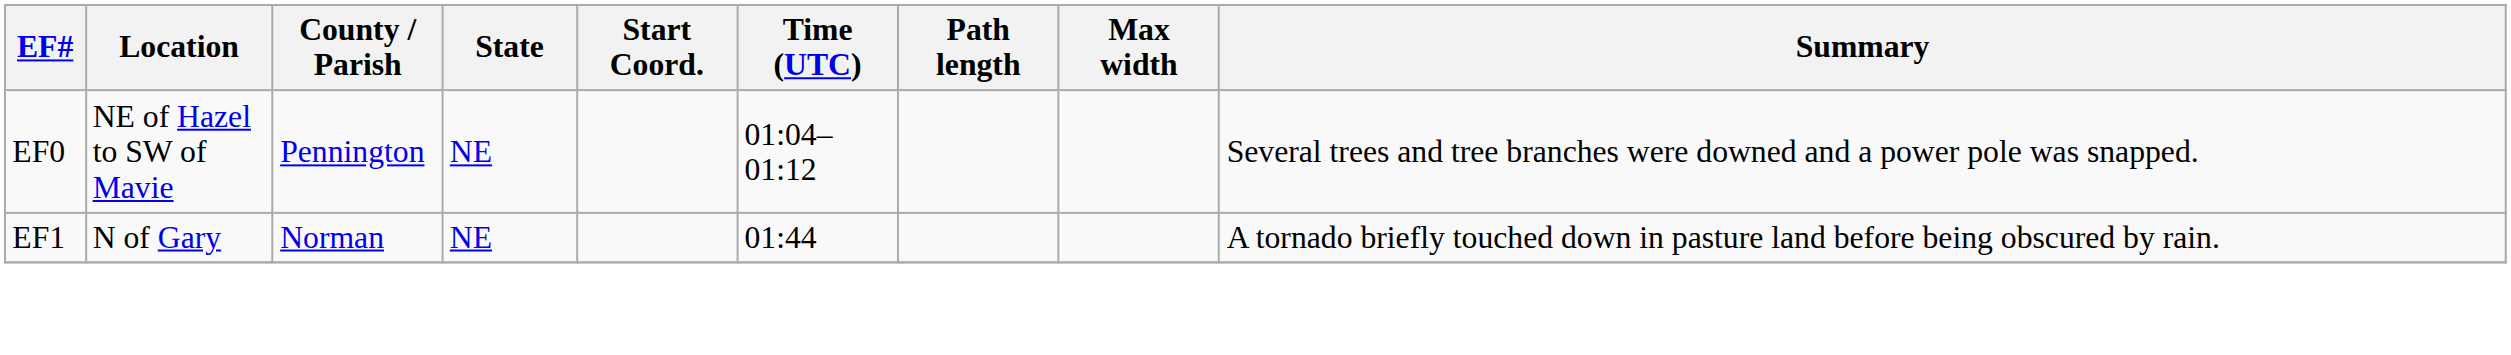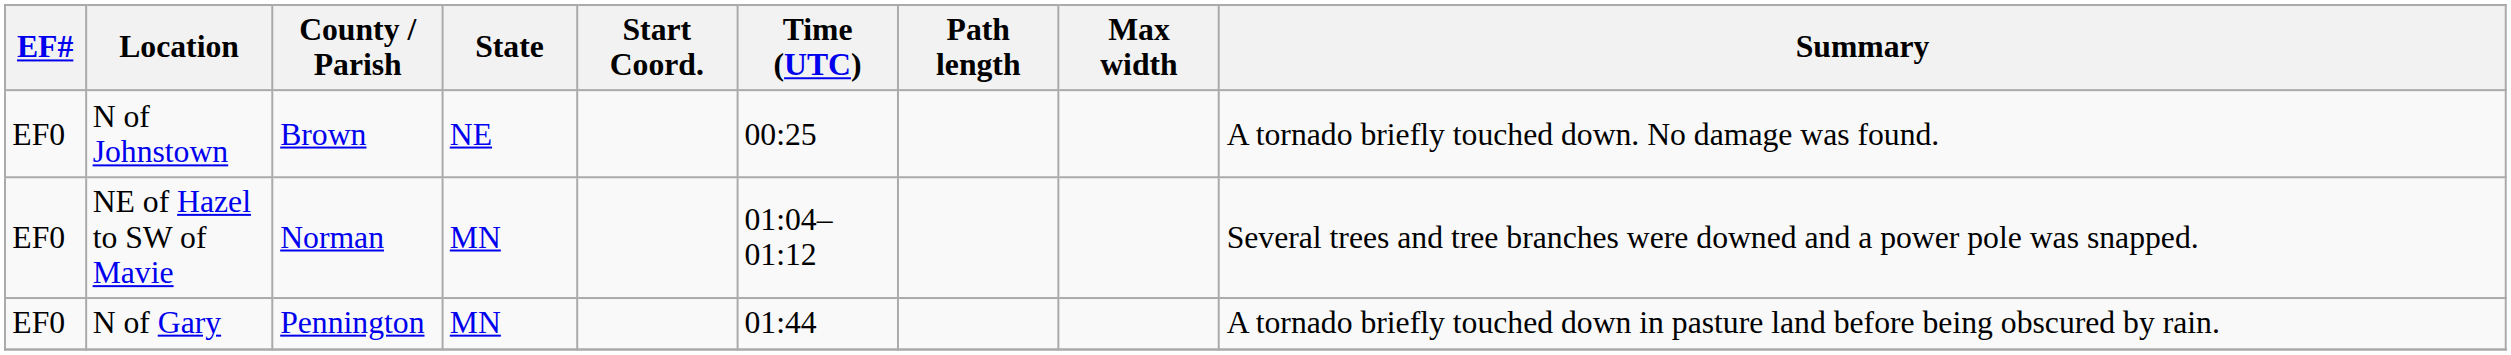 <table class="wikitable sortable" style="width:100%;">
 <tr>
 <th scope="col"  style="width:3%; text-align:center;"><a href='#'>EF#</a></th>
 <th scope="col"  style="width:7%; text-align:center;" class="unsortable">Location</th>
 <th scope="col"  style="width:6%; text-align:center;" class="unsortable">County / Parish</th>
 <th scope="col"  style="width:5%; text-align:center;">State</th>
 <th scope="col"  style="width:6%; text-align:center;">Start Coord.</th>
 <th scope="col"  style="width:6%; text-align:center;">Time (<a href='#'>UTC</a>)</th>
 <th scope="col"  style="width:6%; text-align:center;">Path length</th>
 <th scope="col"  style="width:6%; text-align:center;">Max width</th>
 <th scope="col" class="unsortable" style="width:48%; text-align:center;">Summary</th>
 </tr>
 <tr>
 <td>EF0</td>
+<td>N of <a href='#'>Johnstown</a></td>
+<td><a href='#'>Brown</a></td>
+<td><a href='#'>NE</a></td>
+<td></td>
+<td>00:25</td>
+<td></td>
+<td></td>
+<td>A tornado briefly touched down. No damage was found.</td>
+</tr>
+<tr>
+<td>EF0</td>
 <td>NE of <a href='#'>Hazel</a> to SW of <a href='#'>Mavie</a></td>
-<td><a href='#'>Pennington</a></td>
-<td><a href='#'>NE</a></td>
+<td><a href='#'>Norman</a></td>
+<td><a href='#'>MN</a></td>
 <td></td>
 <td>01:04–01:12</td>
 <td></td>
 <td></td>
 <td>Several trees and tree branches were downed and a power pole was snapped.</td>
 </tr>
 <tr>
-<td>EF1</td>
+<td>EF0</td>
 <td>N of <a href='#'>Gary</a></td>
-<td><a href='#'>Norman</a></td>
-<td><a href='#'>NE</a></td>
+<td><a href='#'>Pennington</a></td>
+<td><a href='#'>MN</a></td>
 <td></td>
 <td>01:44</td>
 <td></td>
 <td></td>
 <td>A tornado briefly touched down in pasture land before being obscured by rain.</td>
 </tr>
 <tr>
 </tr>
 </table>
